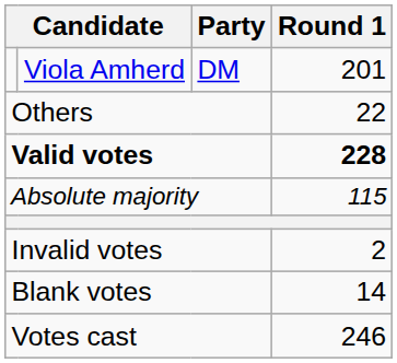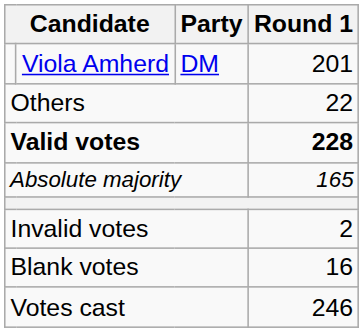 <table class="wikitable" style="text-align:right;">
 <tr>
 <th colspan="2">Candidate</th>
 <th>Party</th>
 <th>Round 1</th>
 </tr>
 <tr>
 <td style="background-color:"></td>
 <td style="text-align:left;"><a href='#'>Viola Amherd</a></td>
 <td style="text-align:left;"><a href='#'>DM</a></td>
 <td>201</td>
 </tr>
 <tr>
 <td colspan="3" style="text-align:left;">Others</td>
 <td>22</td>
 </tr>
 <tr style="font-weight:bold;">
 <td colspan="3" style="text-align:left;">Valid votes</td>
 <td>228</td>
 </tr>
 <tr style="font-style:italic; font-size:90%;">
 <td colspan="3" style="text-align:left;">Absolute majority</td>
-<td>115</td>
+<td>165</td>
 </tr>
 <tr>
 <th colspan="10"></th>
 </tr>
 <tr>
 <td colspan="3" style="text-align:left;">Invalid votes</td>
 <td>2</td>
 </tr>
 <tr>
 <td colspan="3" style="text-align:left;">Blank votes</td>
-<td>14</td>
+<td>16</td>
 </tr>
 <tr>
 <td colspan="3" style="text-align:left;">Votes cast</td>
 <td>246</td>
 </tr>
 </table>
